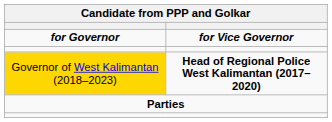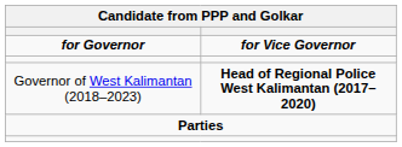 <table class="wikitable" style="font-size:90%; text-align:center;">
 <tr>
 <td colspan=2 style="background:#f1f1f1;"><strong>Candidate from PPP and Golkar</strong></td>
 </tr>
 <tr>
 <th style="font-size:135%; background:#"><a href='#'></a></th>
 <th style="font-size:135%; background:#"><a href='#'></a></th>
 </tr>
 <tr style="color:#000; font-size:100%; background:#">
 <td style="width:3em; width:200px;"><strong><em>for Governor</em></strong></td>
 <td style="width:3em; width:200px;"><strong><em>for Vice Governor</em></strong></td>
 </tr>
 <tr>
 <td></td>
 <td></td>
 </tr>
 <tr>
-<td style="background: gold;">Governor of <a href='#'>West Kalimantan</a> (2018–2023)</td>
+<td>Governor of <a href='#'>West Kalimantan</a> (2018–2023)</td>
 <td><strong>Head of Regional Police West Kalimantan (2017–2020)</strong></td>
 </tr>
 <tr>
 <td colspan=2><strong>Parties</strong></td>
 </tr>
 <tr>
 <td colspan=2> </td>
 </tr>
 </table>
